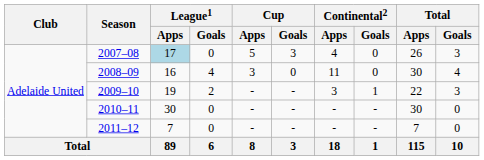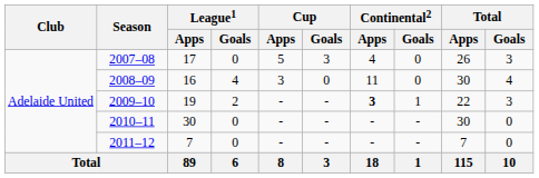 <table class="wikitable" style="text-align: center;">
 <tr>
 <th rowspan="2">Club</th>
 <th rowspan="2" width="80">Season</th>
 <th colspan="2" width="105">League<sup>1</sup></th>
 <th colspan="2" width="105">Cup</th>
 <th colspan="2" width="105">Continental<sup>2</sup></th>
 <th colspan="2" width="105">Total</th>
 </tr>
 <tr>
 <th>Apps</th>
 <th>Goals</th>
 <th>Apps</th>
 <th>Goals</th>
 <th>Apps</th>
 <th>Goals</th>
 <th>Apps</th>
 <th>Goals</th>
 </tr>
 <tr>
 <td rowspan="5" valign="center"><a href='#'>Adelaide United</a></td>
 <td><a href='#'>2007–08</a></td>
-<td style="background: lightblue;">17</td>
+<td>17</td>
 <td>0</td>
 <td>5</td>
 <td>3</td>
 <td>4</td>
 <td>0</td>
 <td>26</td>
 <td>3</td>
 </tr>
 <tr>
 <td><a href='#'>2008–09</a></td>
 <td>16</td>
 <td>4</td>
 <td>3</td>
 <td>0</td>
 <td>11</td>
 <td>0</td>
 <td>30</td>
 <td>4</td>
 </tr>
 <tr>
 <td><a href='#'>2009–10</a></td>
 <td>19</td>
 <td>2</td>
 <td>-</td>
 <td>-</td>
-<td>3</td>
+<td><strong>3</strong></td>
 <td>1</td>
 <td>22</td>
 <td>3</td>
 </tr>
 <tr>
 <td><a href='#'>2010–11</a></td>
 <td>30</td>
 <td>0</td>
 <td>-</td>
 <td>-</td>
 <td>-</td>
 <td>-</td>
 <td>30</td>
 <td>0</td>
 </tr>
 <tr>
 <td><a href='#'>2011–12</a></td>
 <td>7</td>
 <td>0</td>
 <td>-</td>
 <td>-</td>
 <td>-</td>
 <td>-</td>
 <td>7</td>
 <td>0</td>
 </tr>
 <tr>
 <th colspan="2">Total</th>
 <th>89</th>
 <th>6</th>
 <th>8</th>
 <th>3</th>
 <th>18</th>
 <th>1</th>
 <th>115</th>
 <th>10</th>
 </tr>
 </table>
